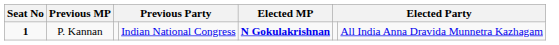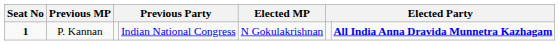 <table class="wikitable">
 <tr>
 <th>Seat No</th>
 <th>Previous MP</th>
 <th colspan=2>Previous Party</th>
 <th>Elected MP</th>
 <th colspan=2>Elected Party</th>
 </tr>
 <tr style="text-align:center;">
 <td><strong>1</strong></td>
 <td>P. Kannan</td>
 <td></td>
 <td><a href='#'>Indian National Congress</a></td>
-<td><strong><a href='#'>N Gokulakrishnan</a></strong></td>
+<td><a href='#'>N Gokulakrishnan</a></td>
 <td></td>
-<td><a href='#'>All India Anna Dravida Munnetra Kazhagam</a></td>
+<td><strong><a href='#'>All India Anna Dravida Munnetra Kazhagam</a></strong></td>
 </tr>
 </table>
